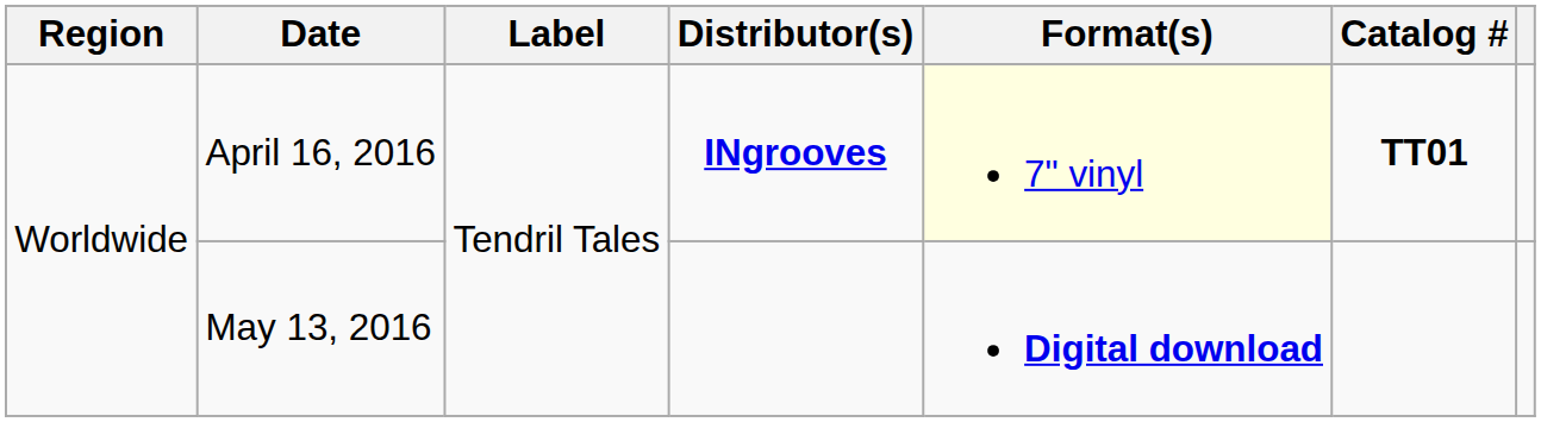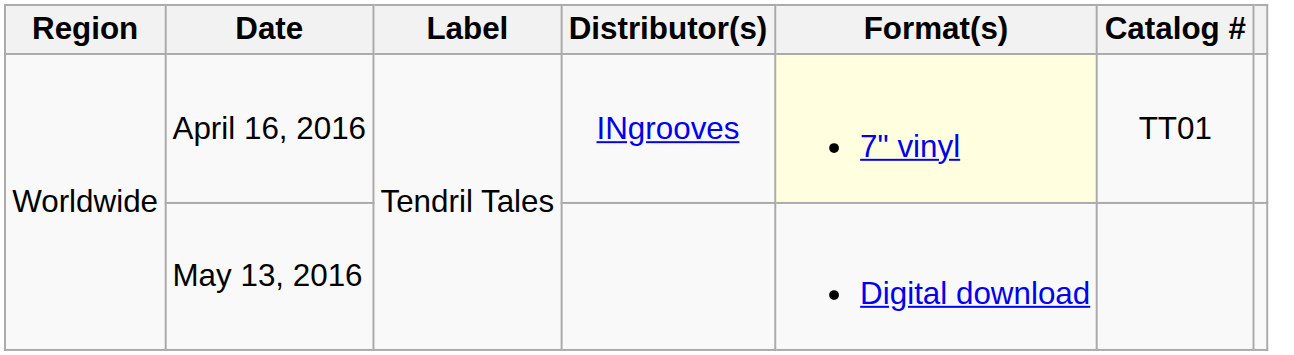 <table class="wikitable">
 <tr>
 <th>Region</th>
 <th>Date</th>
 <th>Label</th>
 <th>Distributor(s)</th>
 <th>Format(s)</th>
 <th>Catalog #</th>
 <th scope="col" class="unsortable"></th>
 </tr>
 <tr>
 <td rowspan="2">Worldwide</td>
 <td>April 16, 2016</td>
 <td rowspan="2" style="text-align:center;">Tendril Tales</td>
-<td style="text-align:center;"><strong><a href='#'>INgrooves</a></strong></td>
+<td style="text-align:center;"><a href='#'>INgrooves</a></td>
 <td style="background: lightyellow;"><br><ul><li><a href='#'>7" vinyl</a></li></ul></td>
-<td style="text-align:center;"><strong>TT01</strong></td>
+<td style="text-align:center;">TT01</td>
 <td></td>
 </tr>
 <tr>
 <td>May 13, 2016</td>
 <td></td>
-<td><strong><br><ul><li><a href='#'>Digital download</a></li></ul></strong></td>
+<td><br><ul><li><a href='#'>Digital download</a></li></ul></td>
 <td></td>
 <td></td>
 </tr>
 </table>
